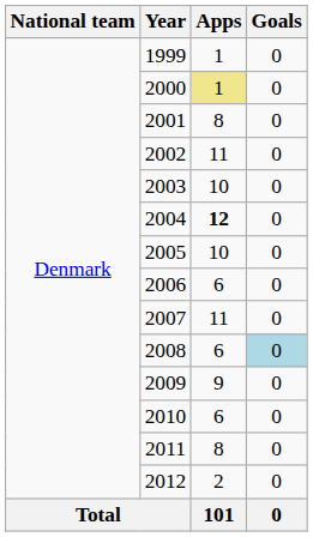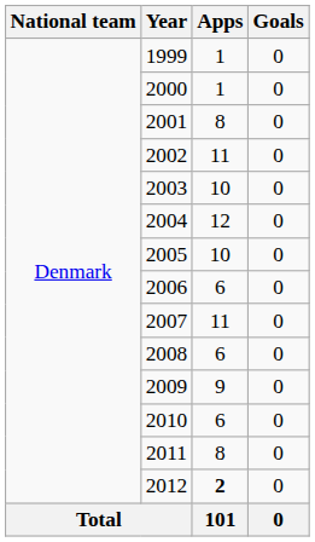 <table class="wikitable" style="text-align:center">
 <tr>
 <th>National team</th>
 <th>Year</th>
 <th>Apps</th>
 <th>Goals</th>
 </tr>
 <tr>
 <td rowspan="14"><a href='#'>Denmark</a></td>
 <td>1999</td>
 <td>1</td>
 <td>0</td>
 </tr>
 <tr>
 <td>2000</td>
-<td style="background: khaki;">1</td>
+<td>1</td>
 <td>0</td>
 </tr>
 <tr>
 <td>2001</td>
 <td>8</td>
 <td>0</td>
 </tr>
 <tr>
 <td>2002</td>
 <td>11</td>
 <td>0</td>
 </tr>
 <tr>
 <td>2003</td>
 <td>10</td>
 <td>0</td>
 </tr>
 <tr>
 <td>2004</td>
-<td><strong>12</strong></td>
+<td>12</td>
 <td>0</td>
 </tr>
 <tr>
 <td>2005</td>
 <td>10</td>
 <td>0</td>
 </tr>
 <tr>
 <td>2006</td>
 <td>6</td>
 <td>0</td>
 </tr>
 <tr>
 <td>2007</td>
 <td>11</td>
 <td>0</td>
 </tr>
 <tr>
 <td>2008</td>
 <td>6</td>
-<td style="background: lightblue;">0</td>
+<td>0</td>
 </tr>
 <tr>
 <td>2009</td>
 <td>9</td>
 <td>0</td>
 </tr>
 <tr>
 <td>2010</td>
 <td>6</td>
 <td>0</td>
 </tr>
 <tr>
 <td>2011</td>
 <td>8</td>
 <td>0</td>
 </tr>
 <tr>
 <td>2012</td>
-<td>2</td>
+<td><strong>2</strong></td>
 <td>0</td>
 </tr>
 <tr>
 <th colspan="2">Total</th>
 <th>101</th>
 <th>0</th>
 </tr>
 </table>
